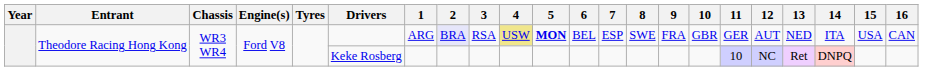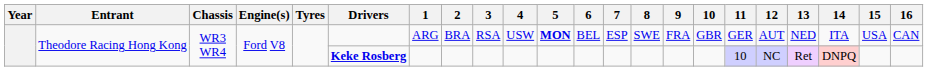 <table class="wikitable" style="text-align:center; font-size:85%">
 <tr>
 <th>Year</th>
 <th>Entrant</th>
 <th>Chassis</th>
 <th>Engine(s)</th>
 <th>Tyres</th>
 <th>Drivers</th>
 <th>1</th>
 <th>2</th>
 <th>3</th>
 <th>4</th>
 <th>5</th>
 <th>6</th>
 <th>7</th>
 <th>8</th>
 <th>9</th>
 <th>10</th>
 <th>11</th>
 <th>12</th>
 <th>13</th>
 <th>14</th>
 <th>15</th>
 <th>16</th>
 </tr>
 <tr>
 <th rowspan="2"></th>
 <td rowspan="2"><a href='#'>Theodore Racing Hong Kong</a></td>
 <td rowspan="2"><a href='#'>WR3</a><br><a href='#'>WR4</a></td>
 <td rowspan="2"><a href='#'>Ford</a> <a href='#'>V8</a></td>
 <td rowspan="2"></td>
 <td></td>
 <td><a href='#'>ARG</a></td>
-<td style="background: lavender;"><a href='#'>BRA</a></td>
+<td><a href='#'>BRA</a></td>
 <td><a href='#'>RSA</a></td>
-<td style="background: khaki;"><a href='#'>USW</a></td>
+<td><a href='#'>USW</a></td>
 <td><strong><a href='#'>MON</a></strong></td>
 <td><a href='#'>BEL</a></td>
 <td><a href='#'>ESP</a></td>
 <td><a href='#'>SWE</a></td>
 <td><a href='#'>FRA</a></td>
 <td><a href='#'>GBR</a></td>
 <td><a href='#'>GER</a></td>
 <td><a href='#'>AUT</a></td>
 <td><a href='#'>NED</a></td>
 <td><a href='#'>ITA</a></td>
 <td><a href='#'>USA</a></td>
 <td><a href='#'>CAN</a></td>
 </tr>
 <tr>
-<td align="left"> <a href='#'>Keke Rosberg</a></td>
+<td align="left"><strong> <a href='#'>Keke Rosberg</a></strong></td>
 <td></td>
 <td></td>
 <td></td>
 <td></td>
 <td></td>
 <td></td>
 <td></td>
 <td></td>
 <td></td>
 <td></td>
 <td style="background:#CFCFFF;">10</td>
 <td style="background:#CFCFFF;">NC</td>
 <td style="background:#EFCFFF;">Ret</td>
 <td style="background:#FFCFCF;">DNPQ</td>
 <td></td>
 <td></td>
 </tr>
 </table>
